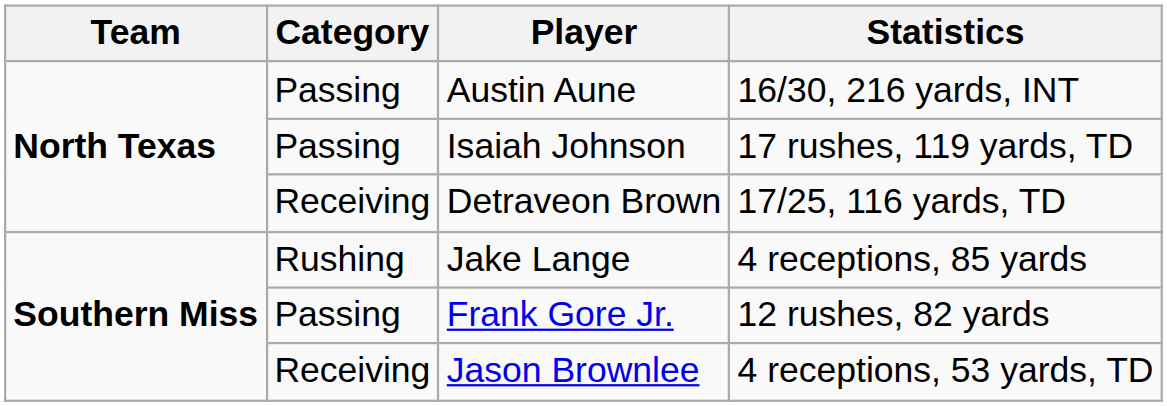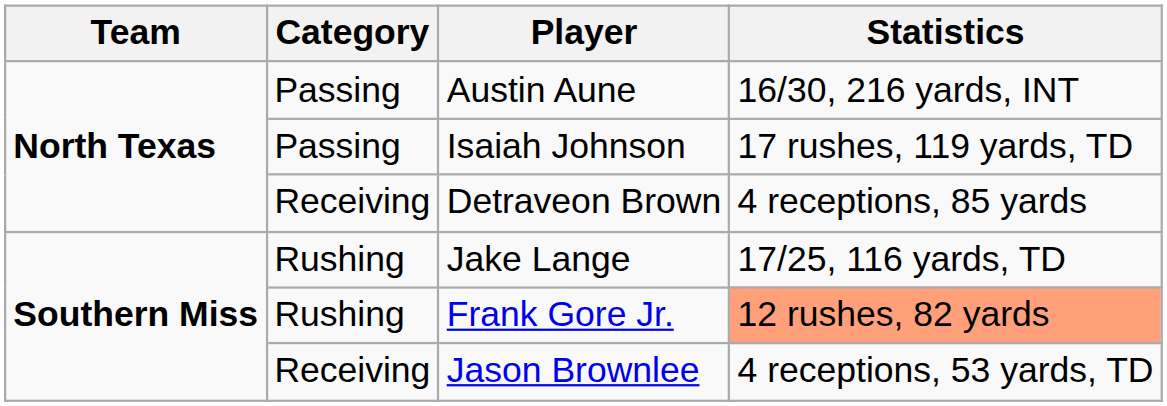 <table class="wikitable" style="float: left;">
 <tr>
 <th>Team</th>
 <th>Category</th>
 <th>Player</th>
 <th>Statistics</th>
 </tr>
 <tr>
 <td rowspan=3><strong>North Texas</strong></td>
 <td>Passing</td>
 <td>Austin Aune</td>
 <td>16/30, 216 yards, INT</td>
 </tr>
 <tr>
 <td>Passing</td>
 <td>Isaiah Johnson</td>
 <td>17 rushes, 119 yards, TD</td>
 </tr>
 <tr>
 <td>Receiving</td>
 <td>Detraveon Brown</td>
-<td>17/25, 116 yards, TD</td>
+<td>4 receptions, 85 yards</td>
 </tr>
 <tr>
 <td rowspan=3><strong>Southern Miss</strong></td>
 <td>Rushing</td>
 <td>Jake Lange</td>
-<td>4 receptions, 85 yards</td>
+<td>17/25, 116 yards, TD</td>
 </tr>
 <tr>
-<td>Passing</td>
+<td>Rushing</td>
 <td><a href='#'>Frank Gore Jr.</a></td>
-<td>12 rushes, 82 yards</td>
+<td style="background: lightsalmon;">12 rushes, 82 yards</td>
 </tr>
 <tr>
 <td>Receiving</td>
 <td><a href='#'>Jason Brownlee</a></td>
 <td>4 receptions, 53 yards, TD</td>
 </tr>
 </table>
